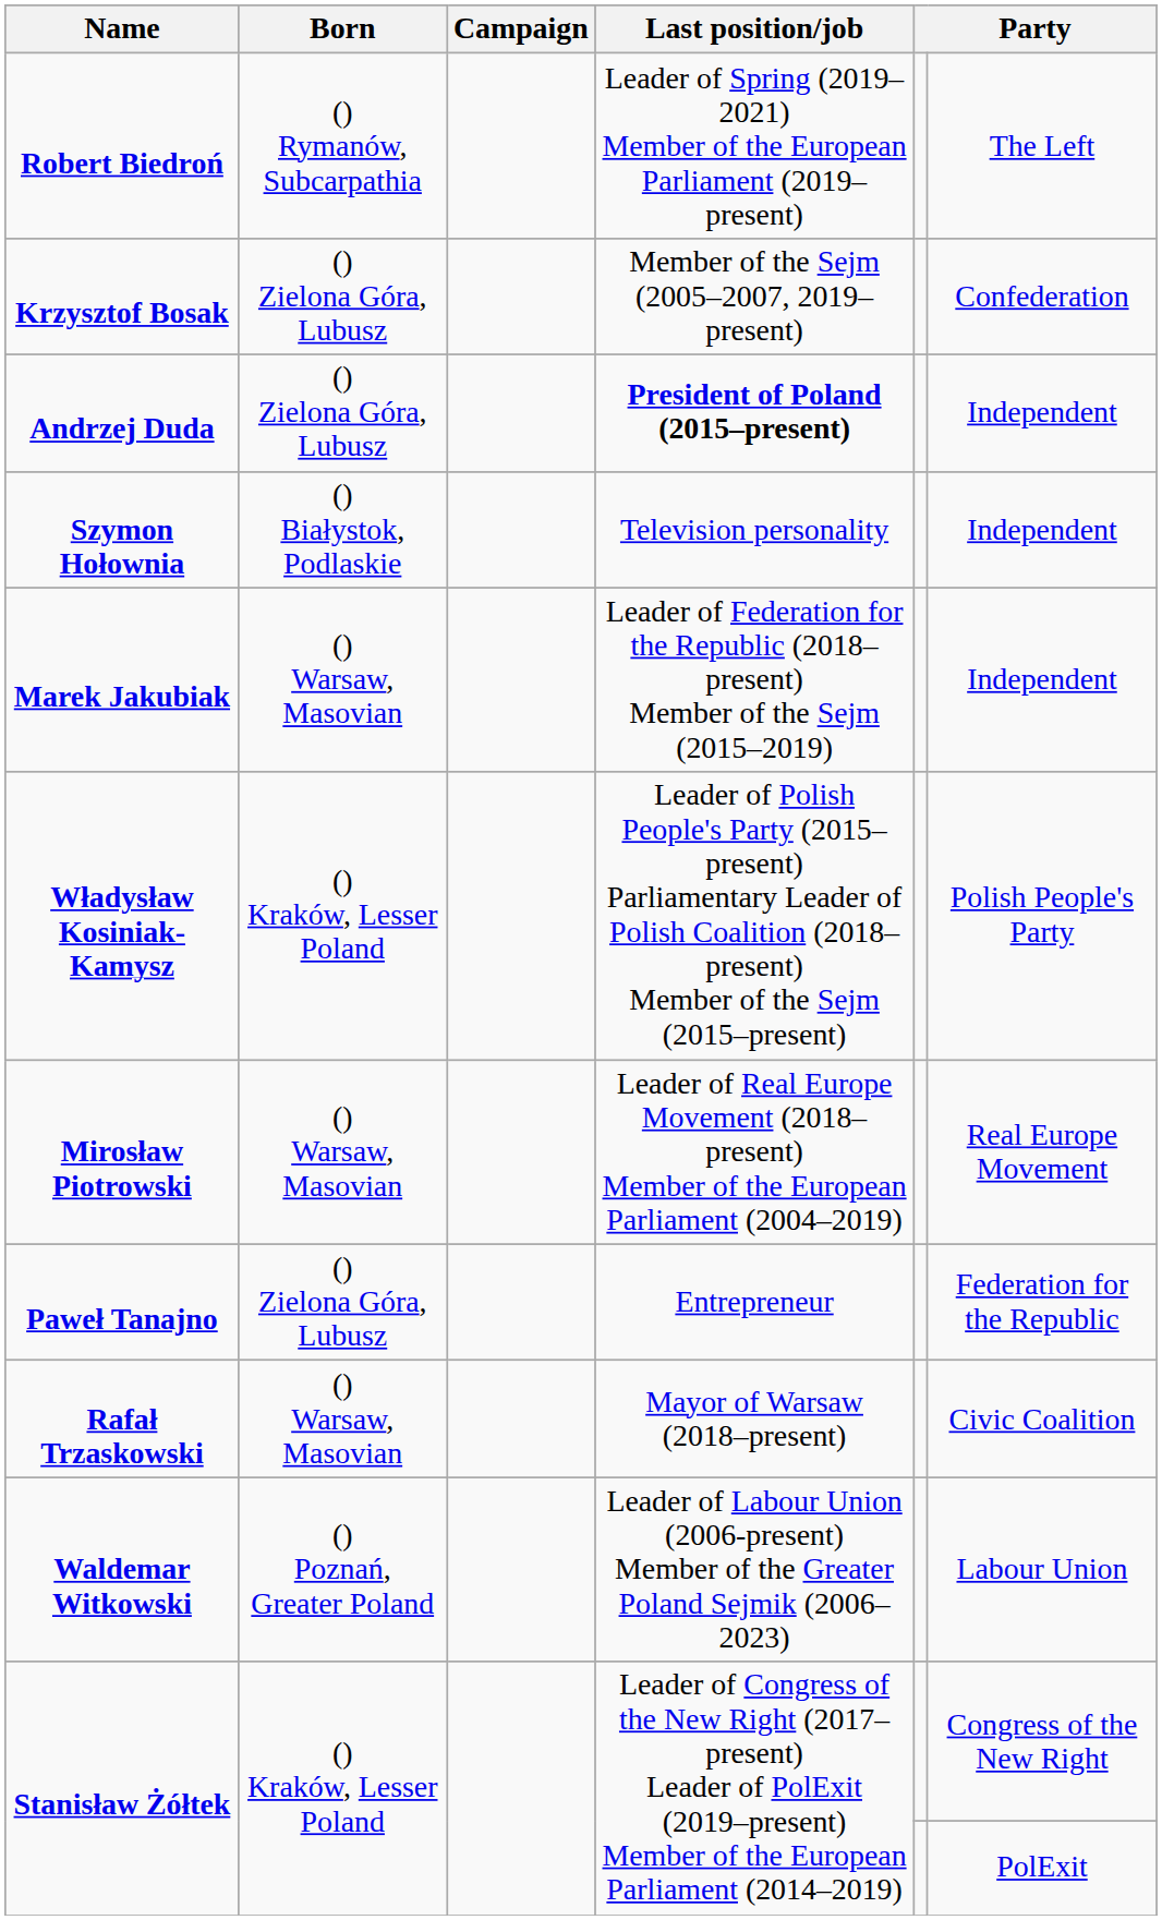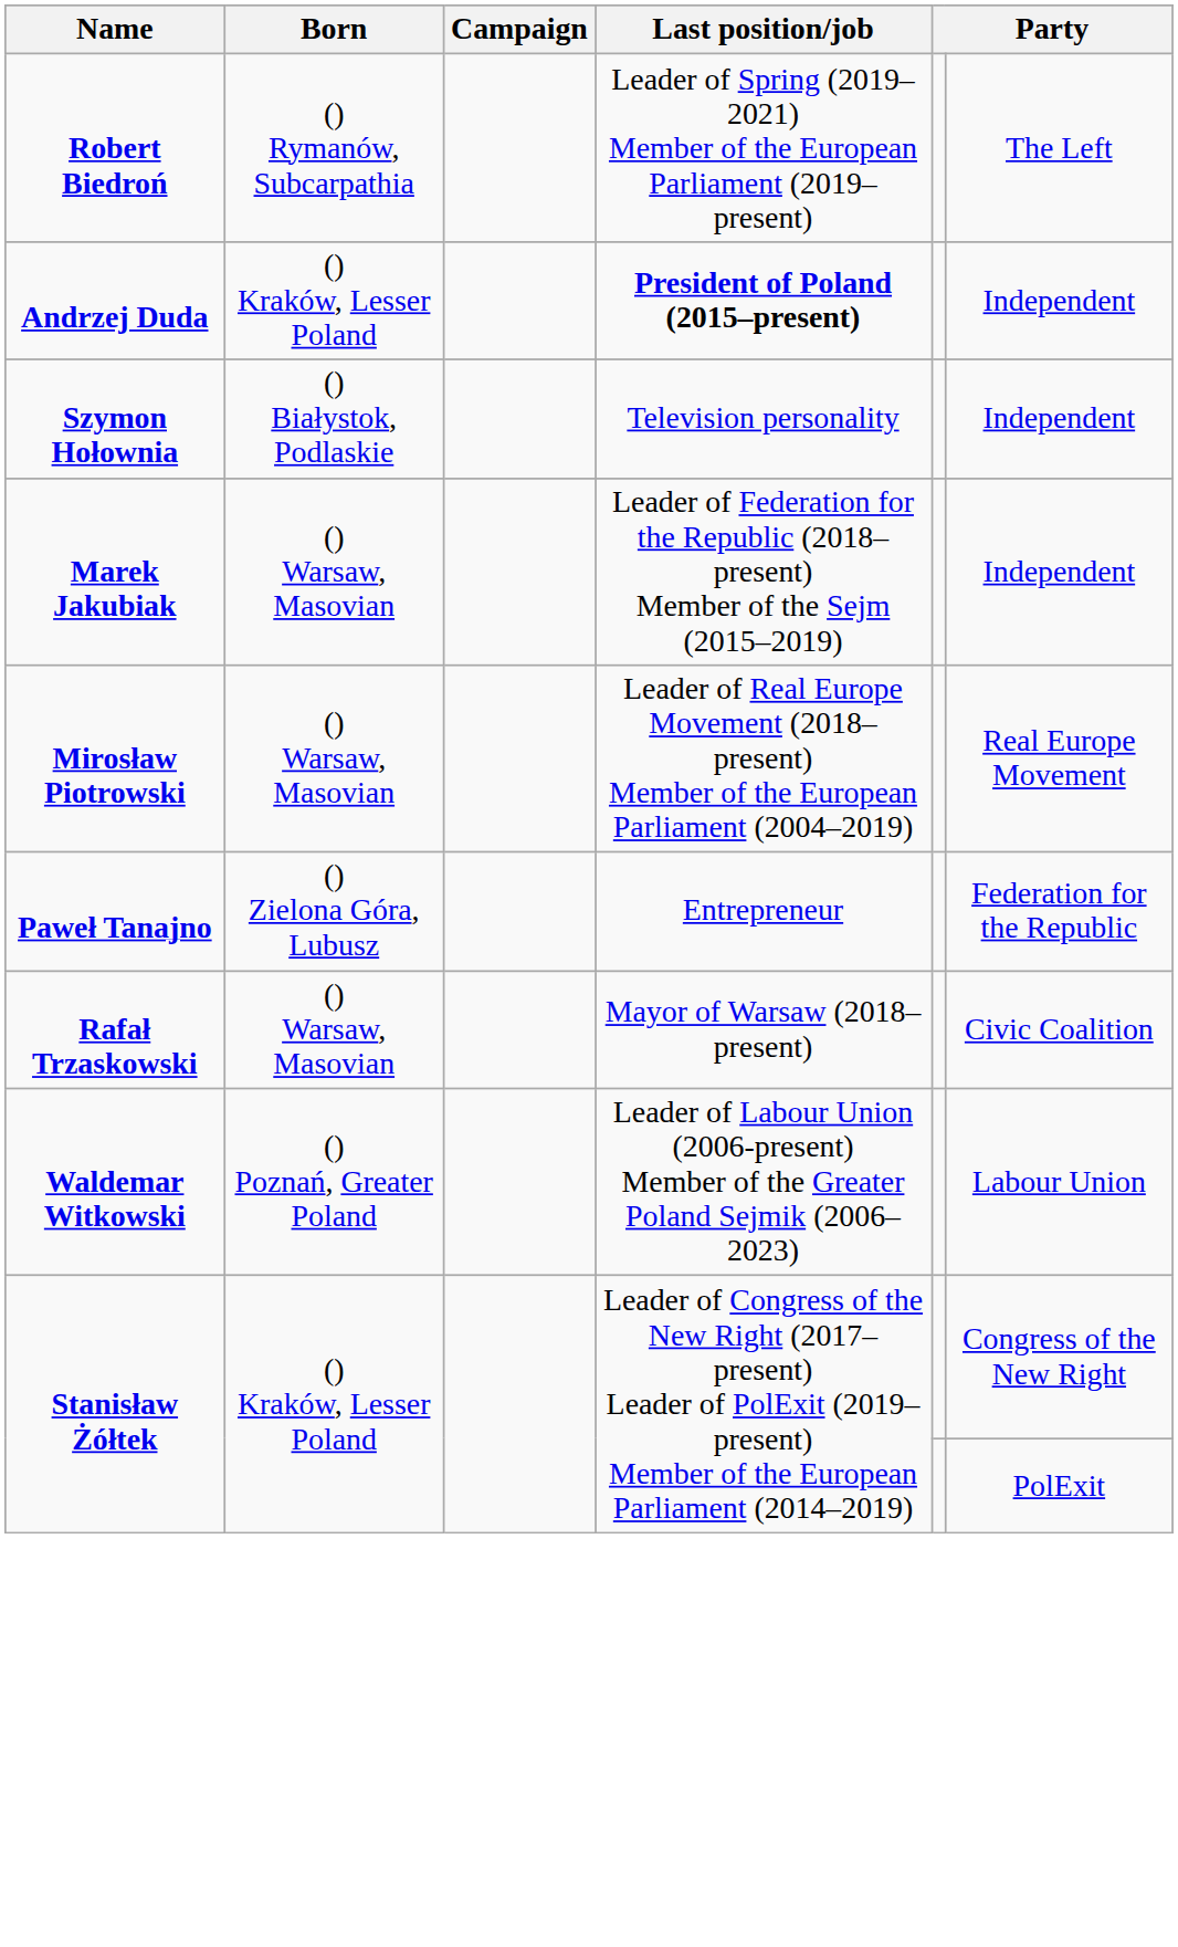 <table class="wikitable sortable" style="text-align:center;">
 <tr>
 <th>Name</th>
 <th>Born</th>
 <th>Campaign</th>
 <th class="unsortable">Last position/job</th>
 <th colspan="2">Party</th>
 </tr>
 <tr>
 <td data-sort-value="Biedroń, Robert"><br><strong><a href='#'>Robert Biedroń</a></strong></td>
 <td> ()<br><a href='#'>Rymanów</a>, <a href='#'>Subcarpathia</a></td>
 <td></td>
 <td>Leader of <a href='#'>Spring</a> (2019–2021)<br><a href='#'>Member of the European Parliament</a> (2019–present)</td>
 <td style="background:"></td>
 <td><a href='#'>The Left</a></td>
 </tr>
 <tr>
-<td data-sort-value="Bosak, Krzysztof"><br><strong><a href='#'>Krzysztof Bosak</a></strong></td>
-<td> ()<br><a href='#'>Zielona Góra</a>, <a href='#'>Lubusz</a></td>
-<td></td>
-<td>Member of the <a href='#'>Sejm</a> (2005–2007, 2019–present)</td>
-<td style="background:"></td>
-<td><a href='#'>Confederation</a></td>
-</tr>
-<tr>
 <td data-sort-value="Duda, Andrzej"><br><strong><a href='#'>Andrzej Duda</a></strong></td>
-<td> ()<br><a href='#'>Zielona Góra</a>, <a href='#'>Lubusz</a></td>
+<td> ()<br><a href='#'>Kraków</a>, <a href='#'>Lesser Poland</a></td>
 <td></td>
 <td><strong><a href='#'>President of Poland</a> (2015–present)</strong></td>
 <td style=background:></td>
 <td><a href='#'>Independent</a></td>
 </tr>
 <tr>
 <td data-sort-value="Hołownia, Szymon"><br><strong><a href='#'>Szymon Hołownia</a></strong></td>
 <td> ()<br><a href='#'>Białystok</a>, <a href='#'>Podlaskie</a></td>
 <td></td>
 <td><a href='#'>Television personality</a></td>
 <td style=background:></td>
 <td><a href='#'>Independent</a></td>
 </tr>
 <tr>
 <td data-sort-value="Jakubiak, Marek"><br><strong><a href='#'>Marek Jakubiak</a></strong></td>
 <td> ()<br><a href='#'>Warsaw</a>, <a href='#'>Masovian</a></td>
 <td></td>
 <td>Leader of <a href='#'>Federation for the Republic</a> (2018–present)<br>Member of the <a href='#'>Sejm</a> (2015–2019)</td>
 <td style=background:></td>
 <td><a href='#'>Independent</a></td>
-</tr>
-<tr>
-<td data-sort-value="Kosiniak-Kamysz, Władysław"><br><strong><a href='#'>Władysław Kosiniak-Kamysz</a></strong></td>
-<td> ()<br><a href='#'>Kraków</a>, <a href='#'>Lesser Poland</a></td>
-<td></td>
-<td>Leader of <a href='#'>Polish People's Party</a> (2015–present)<br>Parliamentary Leader of <a href='#'>Polish Coalition</a> (2018–present)<br>Member of the <a href='#'>Sejm</a> (2015–present)</td>
-<td style=background:></td>
-<td><a href='#'>Polish People's Party</a></td>
 </tr>
 <tr>
 <td data-sort-value="Piotrowski, Mirosław"><br><strong><a href='#'>Mirosław Piotrowski</a></strong></td>
 <td> ()<br><a href='#'>Warsaw</a>, <a href='#'>Masovian</a></td>
 <td></td>
 <td>Leader of <a href='#'>Real Europe Movement</a> (2018–present)<br><a href='#'>Member of the European Parliament</a> (2004–2019)</td>
 <td style=background:></td>
 <td><a href='#'>Real Europe Movement</a></td>
 </tr>
 <tr>
 <td data-sort-value="Tanajno, Paweł"><br><strong><a href='#'>Paweł Tanajno</a></strong></td>
 <td> ()<br><a href='#'>Zielona Góra</a>, <a href='#'>Lubusz</a></td>
 <td></td>
 <td><a href='#'>Entrepreneur</a></td>
 <td style=background:></td>
 <td><a href='#'>Federation for the Republic</a></td>
 </tr>
 <tr>
 <td data-sort-value="Trzaskowski, Rafał"><br><strong><a href='#'>Rafał Trzaskowski</a></strong></td>
 <td> ()<br><a href='#'>Warsaw</a>, <a href='#'>Masovian</a></td>
 <td></td>
 <td><a href='#'>Mayor of Warsaw</a> (2018–present)</td>
 <td style="background:"></td>
 <td><a href='#'>Civic Coalition</a></td>
 </tr>
 <tr>
 <td data-sort-value="Witkowski, Waldemar"><br><strong><a href='#'>Waldemar Witkowski</a></strong></td>
 <td> ()<br><a href='#'>Poznań</a>, <a href='#'>Greater Poland</a></td>
 <td></td>
 <td>Leader of <a href='#'>Labour Union</a> (2006-present)<br>Member of the <a href='#'>Greater Poland Sejmik</a> (2006–2023)</td>
 <td style=background:></td>
 <td><a href='#'>Labour Union</a></td>
 </tr>
 <tr>
 <td rowspan=2  data-sort-value="Żółtek, Stanisław"><br><strong><a href='#'>Stanisław Żółtek</a></strong></td>
 <td rowspan=2> ()<br><a href='#'>Kraków</a>, <a href='#'>Lesser Poland</a></td>
 <td rowspan=2></td>
 <td rowspan=2>Leader of <a href='#'>Congress of the New Right</a> (2017–present)<br>Leader of <a href='#'>PolExit</a> (2019–present)<br><a href='#'>Member of the European Parliament</a> (2014–2019)</td>
 <td></td>
 <td><a href='#'>Congress of the New Right</a></td>
 </tr>
 <tr>
 <td></td>
 <td><a href='#'>PolExit</a></td>
 </tr>
 </table>
